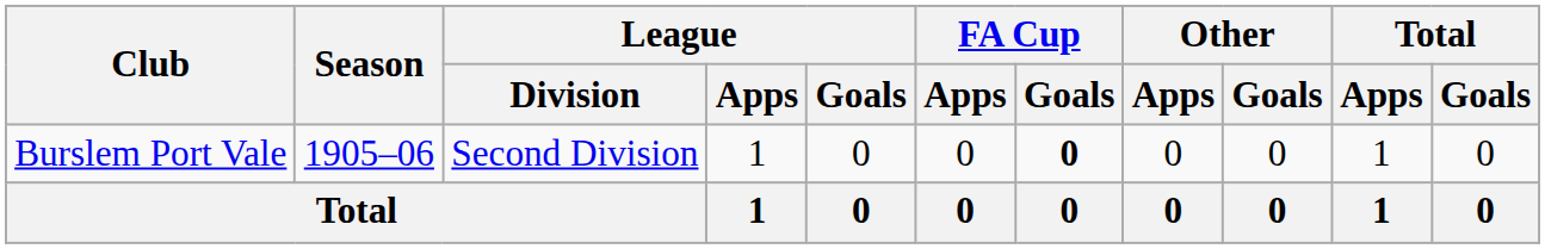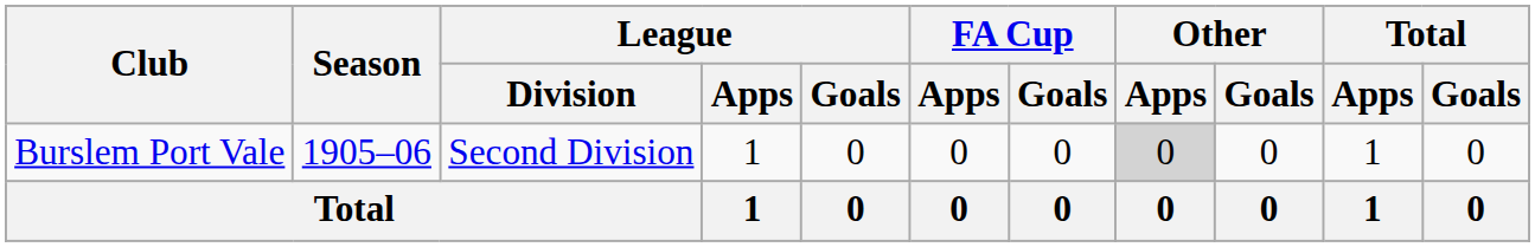 <table class="wikitable" style="text-align:center">
 <tr>
 <th rowspan="2">Club</th>
 <th rowspan="2">Season</th>
 <th colspan="3">League</th>
 <th colspan="2"><a href='#'>FA Cup</a></th>
 <th colspan="2">Other</th>
 <th colspan="2">Total</th>
 </tr>
 <tr>
 <th>Division</th>
 <th>Apps</th>
 <th>Goals</th>
 <th>Apps</th>
 <th>Goals</th>
 <th>Apps</th>
 <th>Goals</th>
 <th>Apps</th>
 <th>Goals</th>
 </tr>
 <tr>
 <td><a href='#'>Burslem Port Vale</a></td>
 <td><a href='#'>1905–06</a></td>
 <td><a href='#'>Second Division</a></td>
 <td>1</td>
 <td>0</td>
 <td>0</td>
-<td><strong>0</strong></td>
 <td>0</td>
+<td style="background: lightgrey;">0</td>
 <td>0</td>
 <td>1</td>
 <td>0</td>
 </tr>
 <tr>
 <th colspan="3">Total</th>
 <th>1</th>
 <th>0</th>
 <th>0</th>
 <th>0</th>
 <th>0</th>
 <th>0</th>
 <th>1</th>
 <th>0</th>
 </tr>
 </table>
